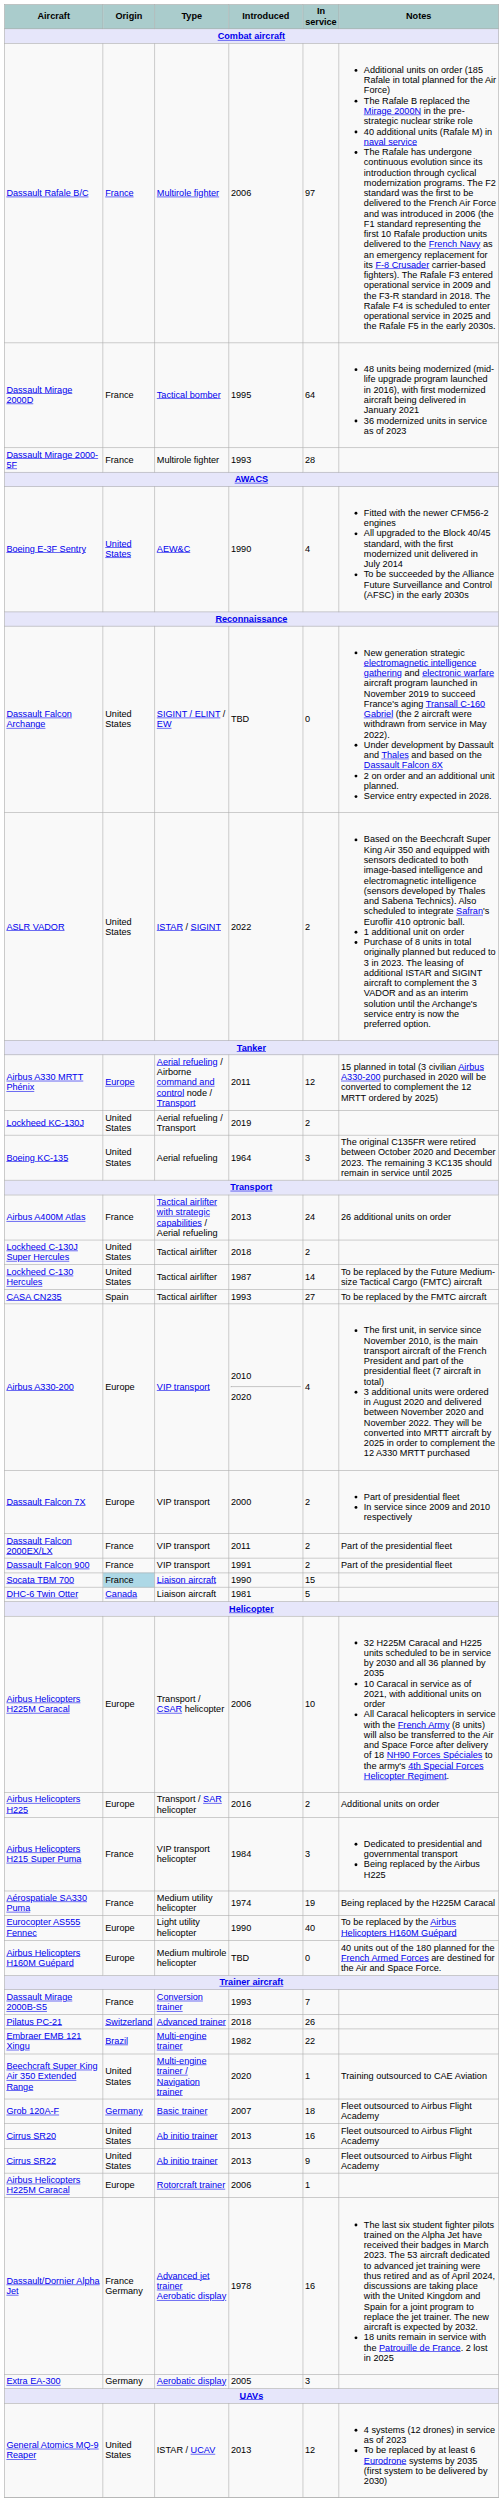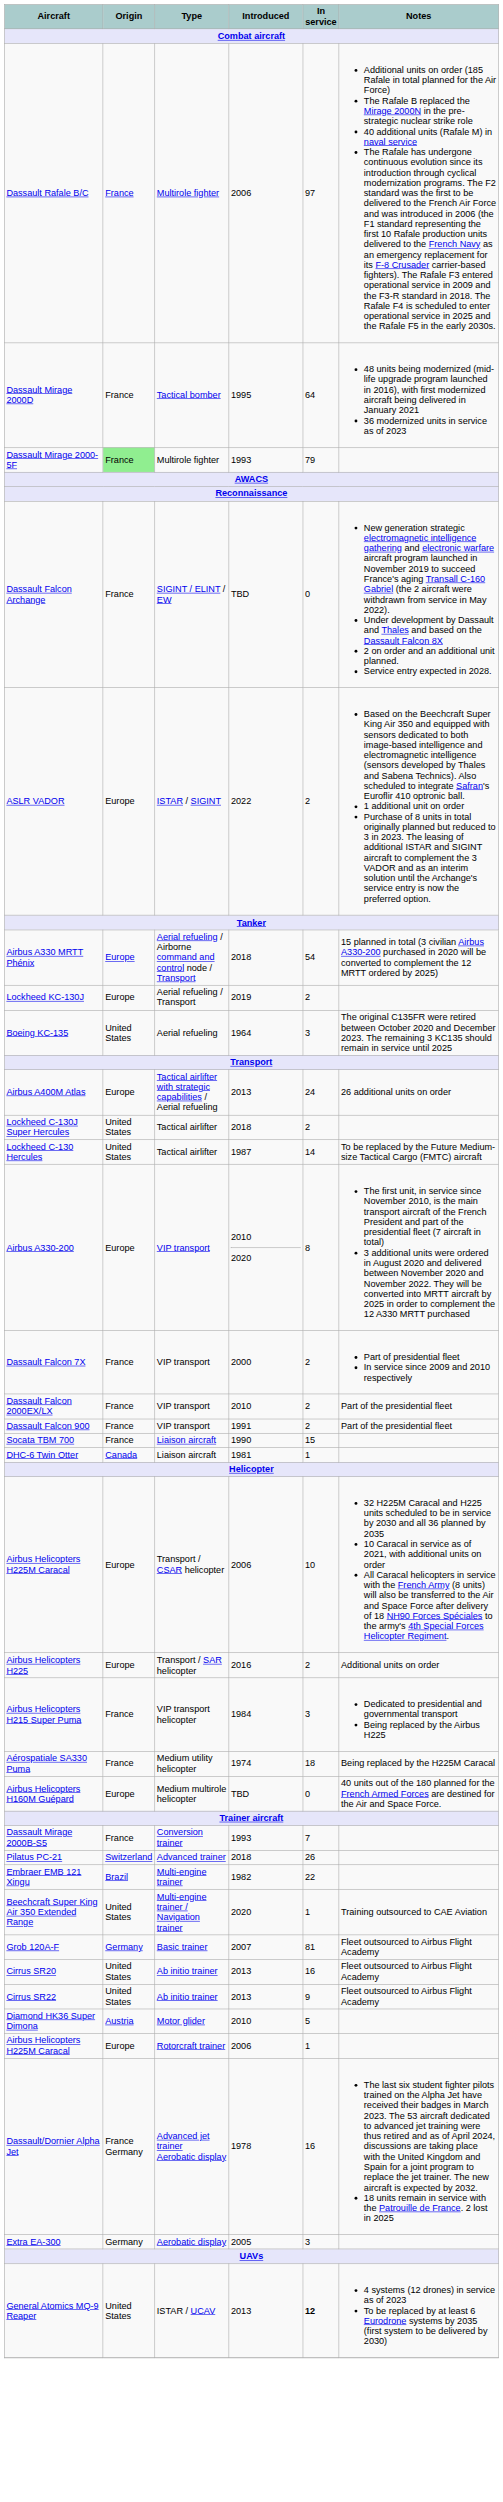 <table class="wikitable">
 <tr>
 <th style="text-align:center; background:#acc;width:20%">Aircraft</th>
 <th style="text-align: center; background:#acc;">Origin</th>
 <th style="text-align:l center; background:#acc;width:15%">Type</th>
 <th style="text-align:l center; background:#acc;width:15%">Introduced</th>
 <th style="text-align:center; background:#acc;">In service</th>
 <th style="text-align: center; background:#acc;">Notes</th>
 </tr>
 <tr>
 <th style="align: center; background: lavender;" colspan="6"><a href='#'>Combat aircraft</a></th>
 </tr>
 <tr>
 <td><a href='#'>Dassault Rafale B/C</a></td>
 <td><a href='#'>France</a></td>
 <td><a href='#'>Multirole fighter</a></td>
 <td>2006</td>
 <td>97</td>
 <td><br><ul><li>Additional units on order (185 Rafale in total planned for the Air Force)</li><li>The Rafale B replaced the <a href='#'>Mirage 2000N</a> in the pre-strategic nuclear strike role</li><li>40 additional units (Rafale M) in <a href='#'>naval service</a></li><li>The Rafale has undergone continuous evolution since its introduction through cyclical modernization programs. The F2 standard was the first to be delivered to the French Air Force and was introduced in 2006 (the F1 standard representing the first 10 Rafale production units delivered to the <a href='#'>French Navy</a> as an emergency replacement for its <a href='#'>F-8 Crusader</a> carrier-based fighters). The Rafale F3 entered operational service in 2009 and the F3-R standard in 2018. The Rafale F4 is scheduled to enter operational service in 2025 and the Rafale F5 in the early 2030s.</li></ul></td>
 </tr>
 <tr>
 <td><a href='#'>Dassault Mirage 2000D</a></td>
 <td>France</td>
 <td><a href='#'>Tactical bomber</a></td>
 <td>1995</td>
 <td>64</td>
 <td><br><ul><li>48 units being modernized (mid-life upgrade program launched in 2016), with first modernized aircraft being delivered in January 2021</li><li>36 modernized units in service as of 2023</li></ul></td>
 </tr>
 <tr>
 <td><a href='#'>Dassault Mirage 2000-5F</a></td>
-<td>France</td>
+<td style="background: lightgreen;">France</td>
 <td>Multirole fighter</td>
 <td>1993</td>
-<td>28</td>
+<td>79</td>
 <td></td>
 </tr>
 <tr>
 <th style="align: center; background: lavender;" colspan="6"><a href='#'>AWACS</a></th>
 </tr>
 <tr>
-<td><a href='#'>Boeing E-3F Sentry</a></td>
-<td><a href='#'>United States</a></td>
-<td><a href='#'>AEW&C</a></td>
-<td>1990</td>
-<td>4</td>
-<td><br><ul><li>Fitted with the newer CFM56-2 engines</li><li>All upgraded to the Block 40/45 standard, with the first modernized unit delivered in July 2014</li><li>To be succeeded by the Alliance Future Surveillance and Control (AFSC) in the early 2030s</li></ul></td>
-</tr>
-<tr>
 <th style="align: center; background: lavender;" colspan="6"><a href='#'>Reconnaissance</a></th>
 </tr>
 <tr>
 <td><a href='#'>Dassault Falcon Archange</a></td>
-<td>United States</td>
+<td>France</td>
 <td><a href='#'>SIGINT / ELINT</a> / <a href='#'>EW</a></td>
 <td>TBD</td>
 <td>0</td>
 <td><br><ul><li>New generation strategic <a href='#'>electromagnetic intelligence gathering</a> and <a href='#'>electronic warfare</a> aircraft program launched in November 2019 to succeed France's aging <a href='#'>Transall C-160 Gabriel</a> (the 2 aircraft were withdrawn from service in May 2022).</li><li>Under development by Dassault and <a href='#'>Thales</a> and based on the <a href='#'>Dassault Falcon 8X</a></li><li>2 on order and an additional unit planned.</li><li>Service entry expected in 2028.</li></ul></td>
 </tr>
 <tr>
 <td><a href='#'>ASLR VADOR</a></td>
-<td>United States</td>
+<td>Europe</td>
 <td><a href='#'>ISTAR</a> / <a href='#'>SIGINT</a></td>
 <td>2022</td>
 <td>2</td>
 <td><br><ul><li>Based on the Beechcraft Super King Air 350 and equipped with sensors dedicated to both image-based intelligence and electromagnetic intelligence (sensors developed by Thales and Sabena Technics). Also scheduled to integrate <a href='#'>Safran</a>'s Euroflir 410 optronic ball.</li><li>1 additional unit on order</li><li>Purchase of 8 units in total originally planned but reduced to 3 in 2023. The leasing of additional ISTAR and SIGINT aircraft to complement the 3 VADOR and as an interim solution until the Archange's service entry is now the preferred option.</li></ul></td>
 </tr>
 <tr>
 <th style="align: center; background: lavender;" colspan="6"><a href='#'>Tanker</a></th>
 </tr>
 <tr>
 <td><a href='#'>Airbus A330 MRTT Phénix</a></td>
 <td><a href='#'>Europe</a></td>
 <td><a href='#'>Aerial refueling</a> / Airborne <a href='#'>command and control</a> node / <a href='#'>Transport</a></td>
-<td>2011</td>
-<td>12</td>
+<td>2018</td>
+<td>54</td>
 <td>15 planned in total (3 civilian <a href='#'>Airbus A330-200</a> purchased in 2020 will be converted to complement the 12 MRTT ordered by 2025)</td>
 </tr>
 <tr>
 <td><a href='#'>Lockheed KC-130J</a></td>
-<td>United States</td>
+<td>Europe</td>
 <td>Aerial refueling / Transport</td>
 <td>2019</td>
 <td>2</td>
 <td></td>
 </tr>
 <tr>
 <td><a href='#'>Boeing KC-135</a></td>
 <td>United States</td>
 <td>Aerial refueling</td>
 <td>1964</td>
 <td>3</td>
 <td>The original C135FR were retired between October 2020 and December 2023. The remaining 3 KC135 should remain in service until 2025</td>
 </tr>
 <tr>
 <th style="align: center; background: lavender;" colspan="6"><a href='#'>Transport</a></th>
 </tr>
 <tr>
 <td><a href='#'>Airbus A400M Atlas</a></td>
-<td>France</td>
+<td>Europe</td>
 <td><a href='#'>Tactical airlifter with strategic capabilities</a> / Aerial refueling</td>
 <td>2013</td>
 <td>24</td>
 <td>26 additional units on order</td>
 </tr>
 <tr>
 <td><a href='#'>Lockheed C-130J Super Hercules</a></td>
 <td>United States</td>
 <td>Tactical airlifter</td>
 <td>2018</td>
 <td>2</td>
 <td></td>
 </tr>
 <tr>
 <td><a href='#'>Lockheed C-130 Hercules</a></td>
 <td>United States</td>
 <td>Tactical airlifter</td>
 <td>1987</td>
 <td>14</td>
 <td>To be replaced by the Future Medium-size Tactical Cargo (FMTC) aircraft</td>
 </tr>
 <tr>
-<td><a href='#'>CASA CN235</a></td>
-<td>Spain</td>
-<td>Tactical airlifter</td>
-<td>1993</td>
-<td>27</td>
-<td>To be replaced by the FMTC aircraft</td>
-</tr>
-<tr>
 <td><a href='#'>Airbus A330-200</a></td>
 <td>Europe</td>
 <td><a href='#'>VIP transport</a></td>
 <td>2010<hr>2020</td>
-<td>4</td>
+<td>8</td>
 <td><br><ul><li>The first unit, in service since November 2010, is the main transport aircraft of the French President and part of the presidential fleet (7 aircraft in total)</li><li>3 additional units were ordered in August 2020 and delivered between November 2020 and November 2022. They will be converted into MRTT aircraft by 2025 in order to complement the 12 A330 MRTT purchased</li></ul></td>
 </tr>
 <tr>
 <td><a href='#'>Dassault Falcon 7X</a></td>
-<td>Europe</td>
+<td>France</td>
 <td>VIP transport</td>
 <td>2000</td>
 <td>2</td>
 <td><br><ul><li>Part of presidential fleet</li><li>In service since 2009 and 2010 respectively</li></ul></td>
 </tr>
 <tr>
 <td><a href='#'>Dassault Falcon 2000EX/LX</a></td>
 <td>France</td>
 <td>VIP transport</td>
-<td>2011</td>
+<td>2010</td>
 <td>2</td>
 <td>Part of the presidential fleet</td>
 </tr>
 <tr>
 <td><a href='#'>Dassault Falcon 900</a></td>
 <td>France</td>
 <td>VIP transport</td>
 <td>1991</td>
 <td>2</td>
 <td>Part of the presidential fleet</td>
 </tr>
 <tr>
 <td><a href='#'>Socata TBM 700</a></td>
-<td style="background: lightblue;">France</td>
+<td>France</td>
 <td><a href='#'>Liaison aircraft</a></td>
 <td>1990</td>
 <td>15</td>
 <td></td>
 </tr>
 <tr>
 <td><a href='#'>DHC-6 Twin Otter</a></td>
 <td><a href='#'>Canada</a></td>
 <td>Liaison aircraft</td>
 <td>1981</td>
-<td>5</td>
+<td>1</td>
 <td></td>
 </tr>
 <tr>
 <th style="align: center; background: lavender;" colspan="6"><a href='#'>Helicopter</a></th>
 </tr>
 <tr>
 <td><a href='#'>Airbus Helicopters H225M Caracal</a></td>
 <td>Europe</td>
 <td>Transport / <a href='#'>CSAR</a> helicopter</td>
 <td>2006</td>
 <td>10</td>
 <td><br><ul><li>32 H225M Caracal and H225 units scheduled to be in service by 2030 and all 36 planned by 2035</li><li>10 Caracal in service as of 2021, with additional units on order</li><li>All Caracal helicopters in service with the <a href='#'>French Army</a> (8 units) will also be transferred to the Air and Space Force after delivery of 18 <a href='#'>NH90 Forces Spéciales</a> to the army's <a href='#'>4th Special Forces Helicopter Regiment</a>.</li></ul></td>
 </tr>
 <tr>
 <td><a href='#'>Airbus Helicopters H225</a></td>
 <td>Europe</td>
 <td>Transport / <a href='#'>SAR</a> helicopter</td>
 <td>2016</td>
 <td>2</td>
 <td>Additional units on order</td>
 </tr>
 <tr>
 <td><a href='#'>Airbus Helicopters H215 Super Puma</a></td>
 <td>France</td>
 <td>VIP transport helicopter</td>
 <td>1984</td>
 <td>3</td>
 <td><br><ul><li>Dedicated to presidential and governmental transport</li><li>Being replaced by the Airbus H225</li></ul></td>
 </tr>
 <tr>
 <td><a href='#'>Aérospatiale SA330 Puma</a></td>
 <td>France</td>
 <td>Medium utility helicopter</td>
 <td>1974</td>
-<td>19</td>
+<td>18</td>
 <td>Being replaced by the H225M Caracal</td>
-</tr>
-<tr>
-<td><a href='#'>Eurocopter AS555 Fennec</a></td>
-<td>Europe</td>
-<td>Light utility helicopter</td>
-<td>1990</td>
-<td>40</td>
-<td>To be replaced by the <a href='#'>Airbus Helicopters H160M Guépard</a></td>
 </tr>
 <tr>
 <td><a href='#'>Airbus Helicopters H160M Guépard</a></td>
 <td>Europe</td>
 <td>Medium multirole helicopter</td>
 <td>TBD</td>
 <td>0</td>
 <td>40 units out of the 180 planned for the <a href='#'>French Armed Forces</a> are destined for the Air and Space Force.</td>
 </tr>
 <tr>
 <th style="align: center; background: lavender;" colspan="6"><a href='#'>Trainer aircraft</a></th>
 </tr>
 <tr>
 <td><a href='#'>Dassault Mirage 2000B-S5</a></td>
 <td>France</td>
 <td><a href='#'>Conversion trainer</a></td>
 <td>1993</td>
 <td>7</td>
 <td></td>
 </tr>
 <tr>
 <td><a href='#'>Pilatus PC-21</a></td>
 <td><a href='#'>Switzerland</a></td>
 <td><a href='#'>Advanced trainer</a></td>
 <td>2018</td>
 <td>26</td>
 <td></td>
 </tr>
 <tr>
 <td><a href='#'>Embraer EMB 121 Xingu</a></td>
 <td><a href='#'>Brazil</a></td>
 <td><a href='#'>Multi-engine trainer</a></td>
 <td>1982</td>
 <td>22</td>
 <td></td>
 </tr>
 <tr>
 <td><a href='#'>Beechcraft Super King Air 350 Extended Range</a></td>
 <td>United States</td>
 <td><a href='#'>Multi-engine trainer / Navigation trainer</a></td>
 <td>2020</td>
 <td>1</td>
 <td>Training outsourced to CAE Aviation</td>
 </tr>
 <tr>
 <td><a href='#'>Grob 120A-F</a></td>
 <td><a href='#'>Germany</a></td>
 <td><a href='#'>Basic trainer</a></td>
 <td>2007</td>
-<td>18</td>
+<td>81</td>
 <td>Fleet outsourced to Airbus Flight Academy</td>
 </tr>
 <tr>
 <td><a href='#'>Cirrus SR20</a></td>
 <td>United States</td>
 <td><a href='#'>Ab initio trainer</a></td>
 <td>2013</td>
 <td>16</td>
 <td>Fleet outsourced to Airbus Flight Academy</td>
 </tr>
 <tr>
 <td><a href='#'>Cirrus SR22</a></td>
 <td>United States</td>
 <td><a href='#'>Ab initio trainer</a></td>
 <td>2013</td>
 <td>9</td>
 <td>Fleet outsourced to Airbus Flight Academy</td>
+</tr>
+<tr>
+<td><a href='#'>Diamond HK36 Super Dimona</a></td>
+<td><a href='#'>Austria</a></td>
+<td><a href='#'>Motor glider</a></td>
+<td>2010</td>
+<td>5</td>
+<td></td>
 </tr>
 <tr>
 <td><a href='#'>Airbus Helicopters H225M Caracal</a></td>
 <td>Europe</td>
 <td><a href='#'>Rotorcraft trainer</a></td>
 <td>2006</td>
 <td>1</td>
 <td></td>
 </tr>
 <tr>
 <td><a href='#'>Dassault/Dornier Alpha Jet</a></td>
 <td>France<br>Germany</td>
 <td><a href='#'>Advanced jet trainer</a><br><a href='#'>Aerobatic display</a></td>
 <td>1978</td>
 <td>16</td>
 <td><br><ul><li>The last six student fighter pilots trained on the Alpha Jet have received their badges in March 2023. The 53 aircraft dedicated to advanced jet training were thus retired and as of April 2024, discussions are taking place with the United Kingdom and Spain for a joint program to replace the jet trainer. The new aircraft is expected by 2032.</li><li>18 units remain in service with the <a href='#'>Patrouille de France</a>. 2 lost in 2025</li></ul></td>
 </tr>
 <tr>
 <td><a href='#'>Extra EA-300</a></td>
 <td>Germany</td>
 <td><a href='#'>Aerobatic display</a></td>
 <td>2005</td>
 <td>3</td>
 <td></td>
 </tr>
 <tr>
 <th style="align: center; background: lavender;" colspan="6"><a href='#'>UAVs</a></th>
 </tr>
 <tr>
 <td><a href='#'>General Atomics MQ-9 Reaper</a></td>
 <td>United States</td>
 <td>ISTAR / <a href='#'>UCAV</a></td>
 <td>2013</td>
-<td>12</td>
+<td><strong>12</strong></td>
 <td><br><ul><li>4 systems (12 drones) in service as of 2023</li><li>To be replaced by at least 6 <a href='#'>Eurodrone</a> systems by 2035 (first system to be delivered by 2030)</li></ul></td>
 </tr>
 <tr>
 </tr>
 </table>
